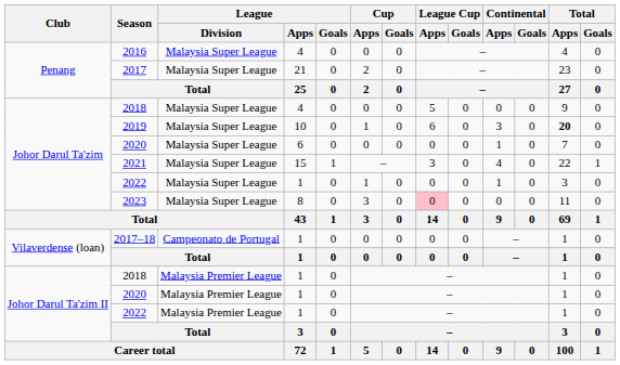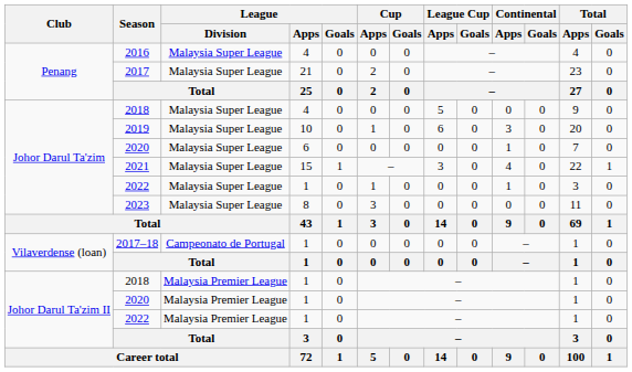 <table class=wikitable style="text-align:center">
 <tr>
 <th rowspan=2>Club</th>
 <th rowspan=2>Season</th>
 <th colspan=3>League</th>
 <th colspan=2>Cup</th>
 <th colspan=2>League Cup</th>
 <th colspan=2>Continental</th>
 <th colspan=2>Total</th>
 </tr>
 <tr>
 <th>Division</th>
 <th>Apps</th>
 <th>Goals</th>
 <th>Apps</th>
 <th>Goals</th>
 <th>Apps</th>
 <th>Goals</th>
 <th>Apps</th>
 <th>Goals</th>
 <th>Apps</th>
 <th>Goals</th>
 </tr>
 <tr>
 <td rowspan=3><a href='#'>Penang</a></td>
 <td><a href='#'>2016</a></td>
 <td><a href='#'>Malaysia Super League</a></td>
 <td>4</td>
 <td>0</td>
 <td>0</td>
 <td>0</td>
 <td colspan="4">–</td>
 <td>4</td>
 <td>0</td>
 </tr>
 <tr>
 <td><a href='#'>2017</a></td>
 <td>Malaysia Super League</td>
 <td>21</td>
 <td>0</td>
 <td>2</td>
 <td>0</td>
 <td colspan="4">–</td>
 <td>23</td>
 <td>0</td>
 </tr>
 <tr>
 <th colspan=2>Total</th>
 <th>25</th>
 <th>0</th>
 <th>2</th>
 <th>0</th>
 <th colspan="4">–</th>
 <th>27</th>
 <th>0</th>
 </tr>
 <tr>
 <td rowspan=6><a href='#'>Johor Darul Ta'zim</a></td>
 <td><a href='#'>2018</a></td>
 <td>Malaysia Super League</td>
 <td>4</td>
 <td>0</td>
 <td>0</td>
 <td>0</td>
 <td>5</td>
 <td>0</td>
 <td>0</td>
 <td>0</td>
 <td>9</td>
 <td>0</td>
 </tr>
 <tr>
 <td><a href='#'>2019</a></td>
 <td>Malaysia Super League</td>
 <td>10</td>
 <td>0</td>
 <td>1</td>
 <td>0</td>
 <td>6</td>
 <td>0</td>
 <td>3</td>
 <td>0</td>
-<td><strong>20</strong></td>
+<td>20</td>
 <td>0</td>
 </tr>
 <tr>
 <td><a href='#'>2020</a></td>
 <td>Malaysia Super League</td>
 <td>6</td>
 <td>0</td>
 <td>0</td>
 <td>0</td>
 <td>0</td>
 <td>0</td>
 <td>1</td>
 <td>0</td>
 <td>7</td>
 <td>0</td>
 </tr>
 <tr>
 <td><a href='#'>2021</a></td>
 <td>Malaysia Super League</td>
 <td>15</td>
 <td>1</td>
 <td colspan="2">–</td>
 <td>3</td>
 <td>0</td>
 <td>4</td>
 <td>0</td>
 <td>22</td>
 <td>1</td>
 </tr>
 <tr>
 <td><a href='#'>2022</a></td>
 <td>Malaysia Super League</td>
 <td>1</td>
 <td>0</td>
 <td>1</td>
 <td>0</td>
 <td>0</td>
 <td>0</td>
 <td>1</td>
 <td>0</td>
 <td>3</td>
 <td>0</td>
 </tr>
 <tr>
 <td><a href='#'>2023</a></td>
 <td>Malaysia Super League</td>
 <td>8</td>
 <td>0</td>
 <td>3</td>
 <td>0</td>
-<td style="background: pink;">0</td>
+<td>0</td>
 <td>0</td>
 <td>0</td>
 <td>0</td>
 <td>11</td>
 <td>0</td>
 </tr>
 <tr>
 <th colspan=3>Total</th>
 <th>43</th>
 <th>1</th>
 <th>3</th>
 <th>0</th>
 <th>14</th>
 <th>0</th>
 <th>9</th>
 <th>0</th>
 <th>69</th>
 <th>1</th>
 </tr>
 <tr>
 <td rowspan=2><a href='#'>Vilaverdense</a> (loan)</td>
 <td><a href='#'>2017–18</a></td>
 <td><a href='#'>Campeonato de Portugal</a></td>
 <td>1</td>
 <td>0</td>
 <td>0</td>
 <td>0</td>
 <td>0</td>
 <td>0</td>
 <td colspan="2">–</td>
 <td>1</td>
 <td>0</td>
 </tr>
 <tr>
 <th colspan=2>Total</th>
 <th>1</th>
 <th>0</th>
 <th>0</th>
 <th>0</th>
 <th>0</th>
 <th>0</th>
 <th colspan="2">–</th>
 <th>1</th>
 <th>0</th>
 </tr>
 <tr>
 <td rowspan=4><a href='#'>Johor Darul Ta'zim II</a></td>
 <td>2018</td>
 <td><a href='#'>Malaysia Premier League</a></td>
 <td>1</td>
 <td>0</td>
 <td colspan="6">–</td>
 <td>1</td>
 <td>0</td>
 </tr>
 <tr>
 <td><a href='#'>2020</a></td>
 <td>Malaysia Premier League</td>
 <td>1</td>
 <td>0</td>
 <td colspan="6">–</td>
 <td>1</td>
 <td>0</td>
 </tr>
 <tr>
 <td><a href='#'>2022</a></td>
 <td>Malaysia Premier League</td>
 <td>1</td>
 <td>0</td>
 <td colspan="6">–</td>
 <td>1</td>
 <td>0</td>
 </tr>
 <tr>
 <th colspan=2>Total</th>
 <th>3</th>
 <th>0</th>
 <th colspan="6">–</th>
 <th>3</th>
 <th>0</th>
 </tr>
 <tr>
 <th colspan=3>Career total</th>
 <th>72</th>
 <th>1</th>
 <th>5</th>
 <th>0</th>
 <th>14</th>
 <th>0</th>
 <th>9</th>
 <th>0</th>
 <th>100</th>
 <th>1</th>
 </tr>
 </table>
